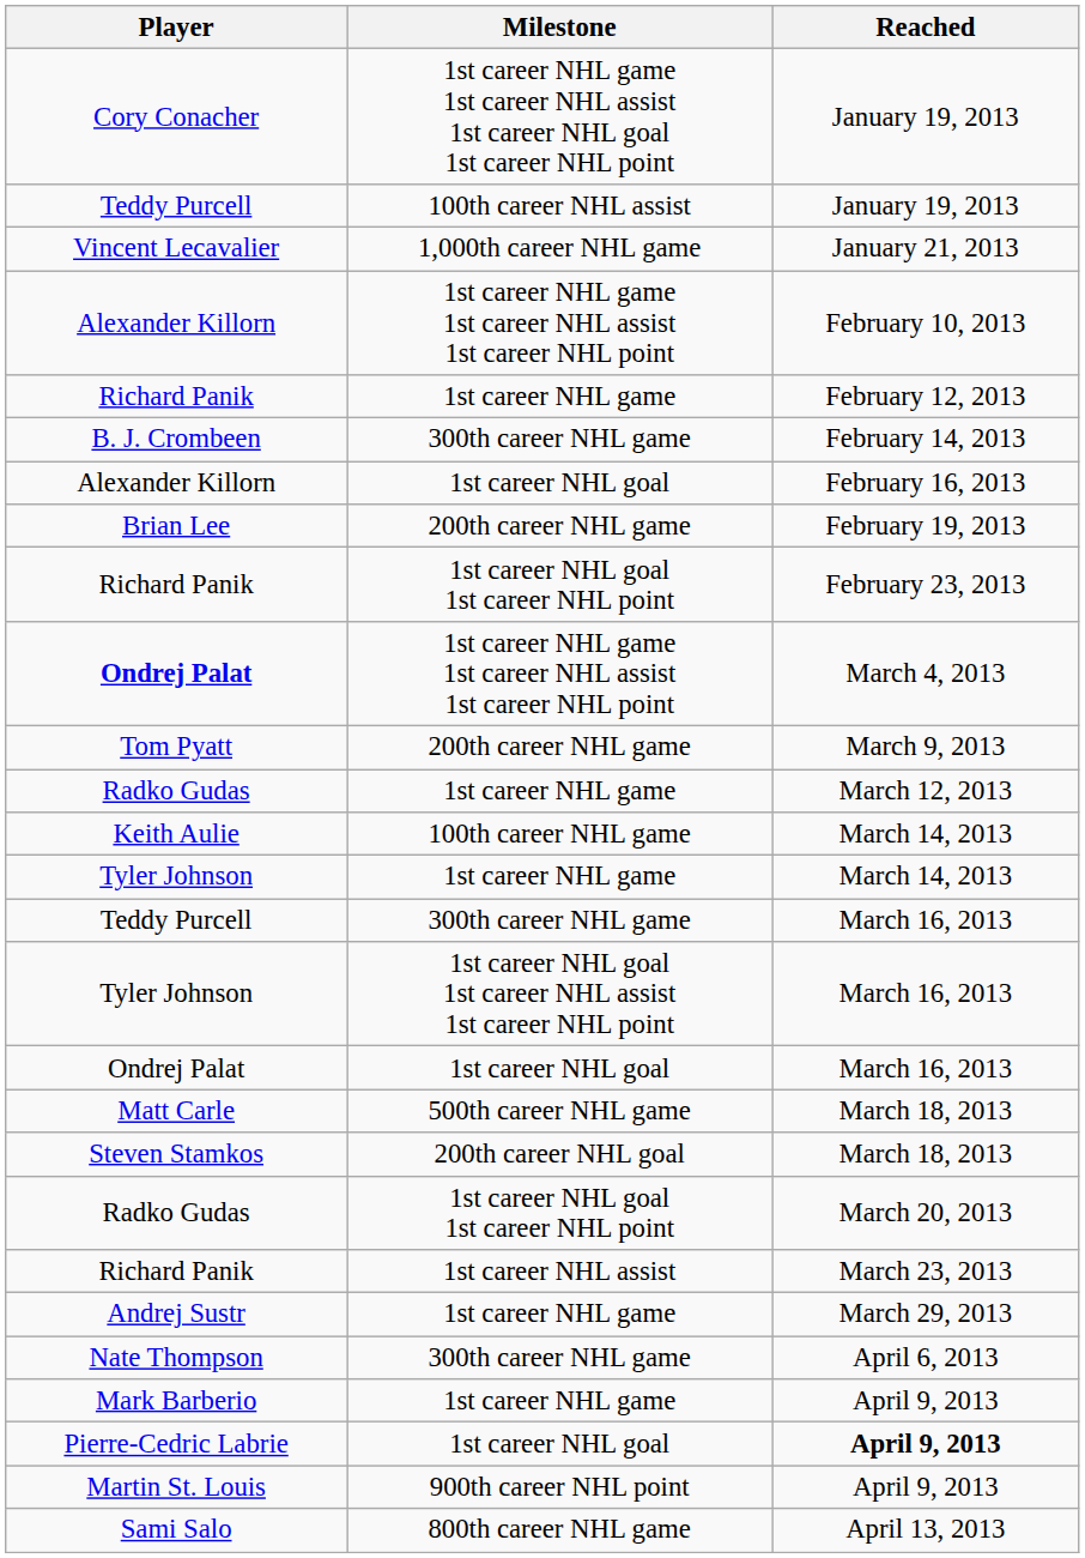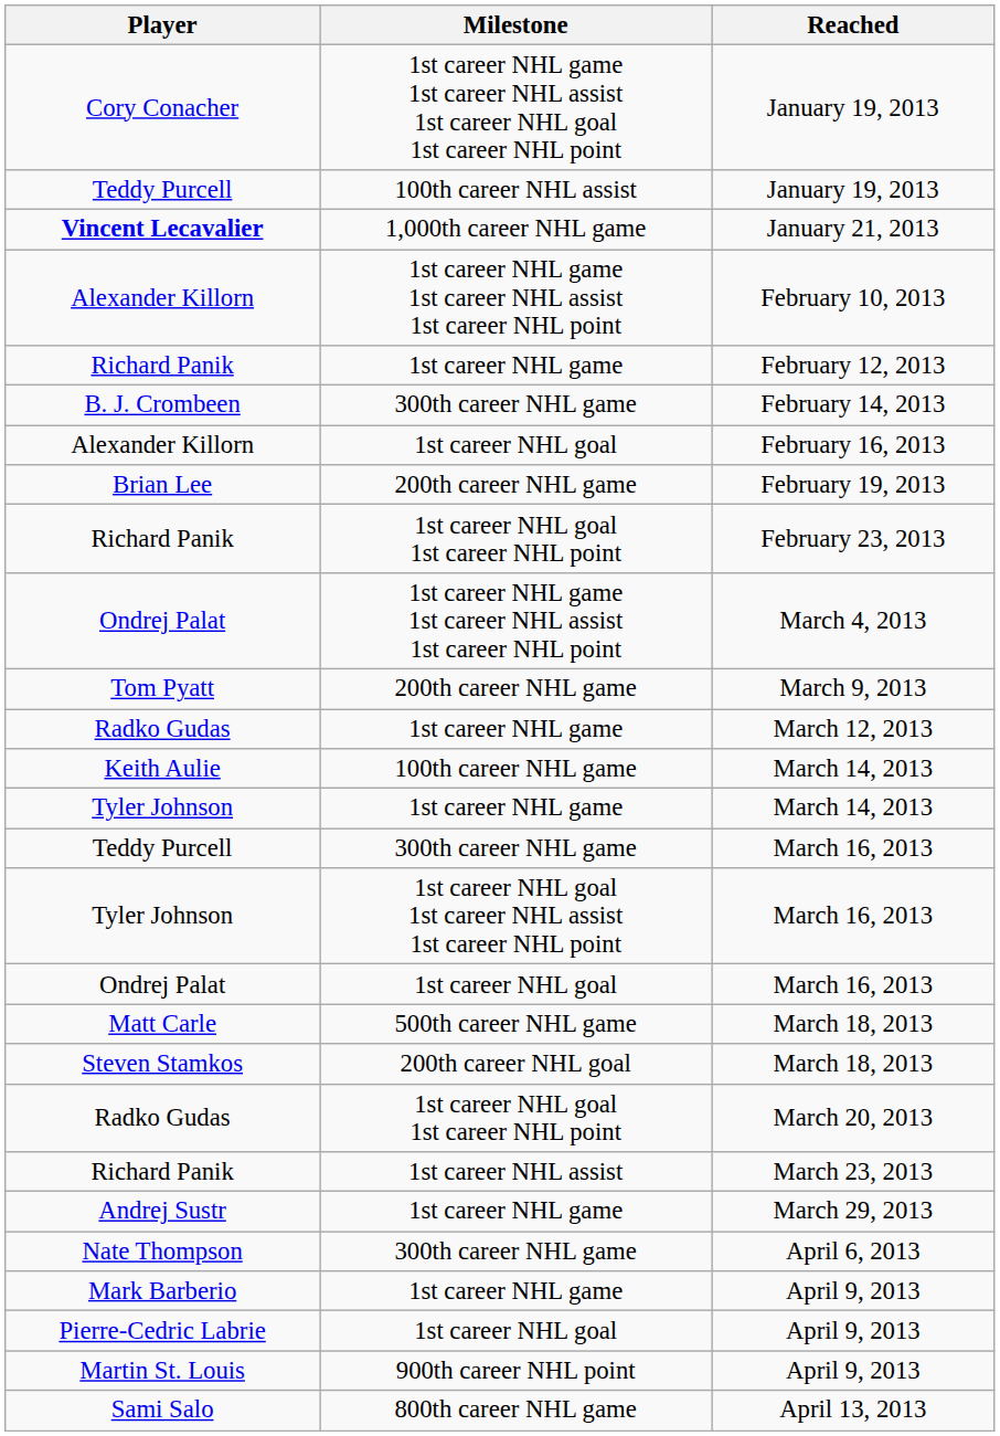 <table class="wikitable"  style="width:50%; text-align:center;">
 <tr>
 <th>Player</th>
 <th>Milestone</th>
 <th>Reached</th>
 </tr>
 <tr>
 <td><a href='#'>Cory Conacher</a></td>
 <td>1st career NHL game<br>1st career NHL assist<br>1st career NHL goal<br>1st career NHL point</td>
 <td>January 19, 2013</td>
 </tr>
 <tr>
 <td><a href='#'>Teddy Purcell</a></td>
 <td>100th career NHL assist</td>
 <td>January 19, 2013</td>
 </tr>
 <tr>
-<td><a href='#'>Vincent Lecavalier</a></td>
+<td><strong><a href='#'>Vincent Lecavalier</a></strong></td>
 <td>1,000th career NHL game</td>
 <td>January 21, 2013</td>
 </tr>
 <tr>
 <td><a href='#'>Alexander Killorn</a></td>
 <td>1st career NHL game<br>1st career NHL assist<br>1st career NHL point</td>
 <td>February 10, 2013</td>
 </tr>
 <tr>
 <td><a href='#'>Richard Panik</a></td>
 <td>1st career NHL game</td>
 <td>February 12, 2013</td>
 </tr>
 <tr>
 <td><a href='#'>B. J. Crombeen</a></td>
 <td>300th career NHL game</td>
 <td>February 14, 2013</td>
 </tr>
 <tr>
 <td>Alexander Killorn</td>
 <td>1st career NHL goal</td>
 <td>February 16, 2013</td>
 </tr>
 <tr>
 <td><a href='#'>Brian Lee</a></td>
 <td>200th career NHL game</td>
 <td>February 19, 2013</td>
 </tr>
 <tr>
 <td>Richard Panik</td>
 <td>1st career NHL goal<br>1st career NHL point</td>
 <td>February 23, 2013</td>
 </tr>
 <tr>
-<td><strong><a href='#'>Ondrej Palat</a></strong></td>
+<td><a href='#'>Ondrej Palat</a></td>
 <td>1st career NHL game<br>1st career NHL assist<br>1st career NHL point</td>
 <td>March 4, 2013</td>
 </tr>
 <tr>
 <td><a href='#'>Tom Pyatt</a></td>
 <td>200th career NHL game</td>
 <td>March 9, 2013</td>
 </tr>
 <tr>
 <td><a href='#'>Radko Gudas</a></td>
 <td>1st career NHL game</td>
 <td>March 12, 2013</td>
 </tr>
 <tr>
 <td><a href='#'>Keith Aulie</a></td>
 <td>100th career NHL game</td>
 <td>March 14, 2013</td>
 </tr>
 <tr>
 <td><a href='#'>Tyler Johnson</a></td>
 <td>1st career NHL game</td>
 <td>March 14, 2013</td>
 </tr>
 <tr>
 <td>Teddy Purcell</td>
 <td>300th career NHL game</td>
 <td>March 16, 2013</td>
 </tr>
 <tr>
 <td>Tyler Johnson</td>
 <td>1st career NHL goal<br>1st career NHL assist<br>1st career NHL point</td>
 <td>March 16, 2013</td>
 </tr>
 <tr>
 <td>Ondrej Palat</td>
 <td>1st career NHL goal</td>
 <td>March 16, 2013</td>
 </tr>
 <tr>
 <td><a href='#'>Matt Carle</a></td>
 <td>500th career NHL game</td>
 <td>March 18, 2013</td>
 </tr>
 <tr>
 <td><a href='#'>Steven Stamkos</a></td>
 <td>200th career NHL goal</td>
 <td>March 18, 2013</td>
 </tr>
 <tr>
 <td>Radko Gudas</td>
 <td>1st career NHL goal<br>1st career NHL point</td>
 <td>March 20, 2013</td>
 </tr>
 <tr>
 <td>Richard Panik</td>
 <td>1st career NHL assist</td>
 <td>March 23, 2013</td>
 </tr>
 <tr>
 <td><a href='#'>Andrej Sustr</a></td>
 <td>1st career NHL game</td>
 <td>March 29, 2013</td>
 </tr>
 <tr>
 <td><a href='#'>Nate Thompson</a></td>
 <td>300th career NHL game</td>
 <td>April 6, 2013</td>
 </tr>
 <tr>
 <td><a href='#'>Mark Barberio</a></td>
 <td>1st career NHL game</td>
 <td>April 9, 2013</td>
 </tr>
 <tr>
 <td><a href='#'>Pierre-Cedric Labrie</a></td>
 <td>1st career NHL goal</td>
-<td><strong>April 9, 2013</strong></td>
+<td>April 9, 2013</td>
 </tr>
 <tr>
 <td><a href='#'>Martin St. Louis</a></td>
 <td>900th career NHL point</td>
 <td>April 9, 2013</td>
 </tr>
 <tr>
 <td><a href='#'>Sami Salo</a></td>
 <td>800th career NHL game</td>
 <td>April 13, 2013</td>
 </tr>
 </table>
